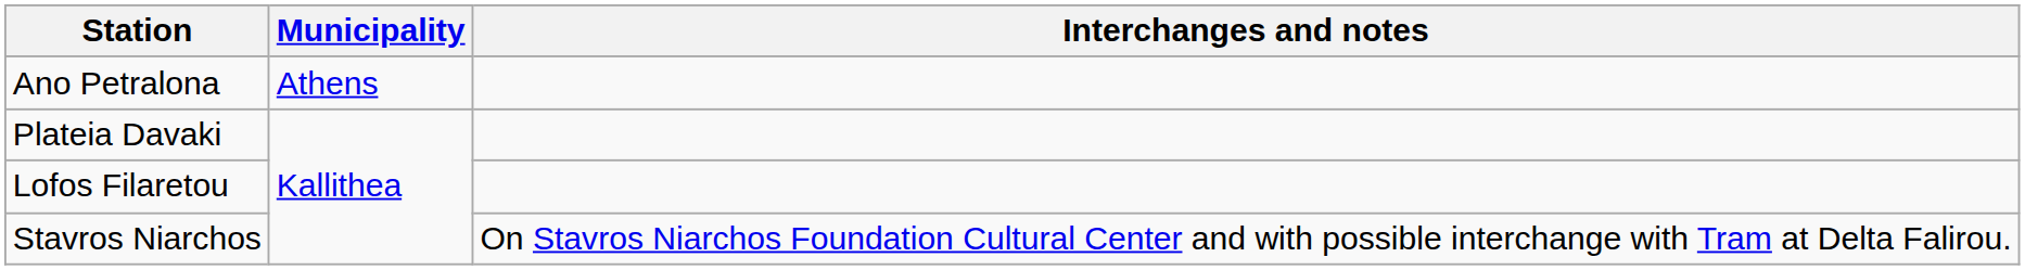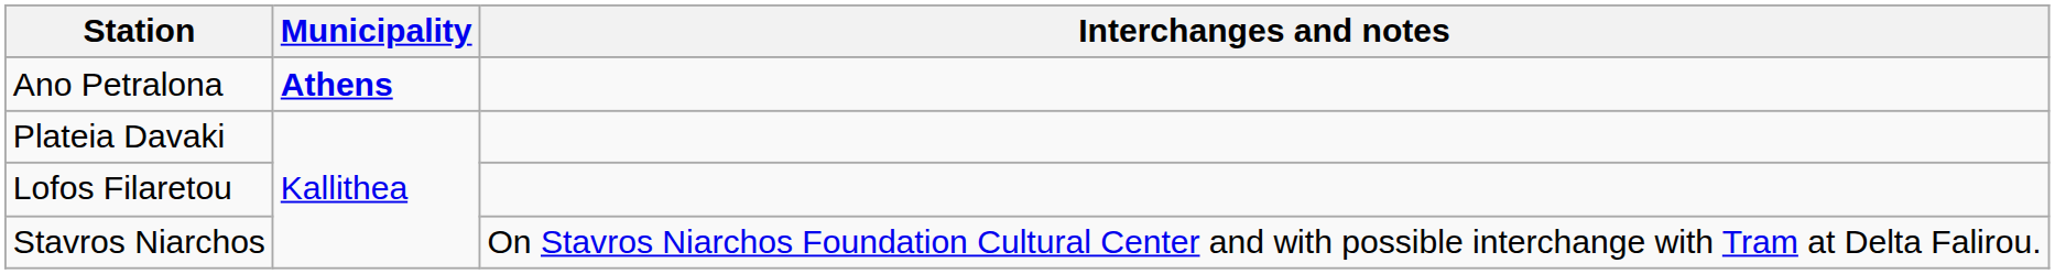 <table class="wikitable sortable">
 <tr>
 <th>Station</th>
 <th><a href='#'>Municipality</a></th>
 <th class="unsortable">Interchanges and notes</th>
 </tr>
 <tr>
 <td>Ano Petralona</td>
-<td><a href='#'>Athens</a></td>
+<td><strong><a href='#'>Athens</a></strong></td>
 <td></td>
 </tr>
 <tr>
 <td>Plateia Davaki</td>
 <td rowspan="3"><a href='#'>Kallithea</a></td>
 <td></td>
 </tr>
 <tr>
 <td>Lofos Filaretou</td>
 <td></td>
 </tr>
 <tr>
 <td>Stavros Niarchos</td>
 <td>On <a href='#'>Stavros Niarchos Foundation Cultural Center</a> and with possible interchange with <a href='#'>Tram</a> at Delta Falirou.</td>
 </tr>
 </table>
